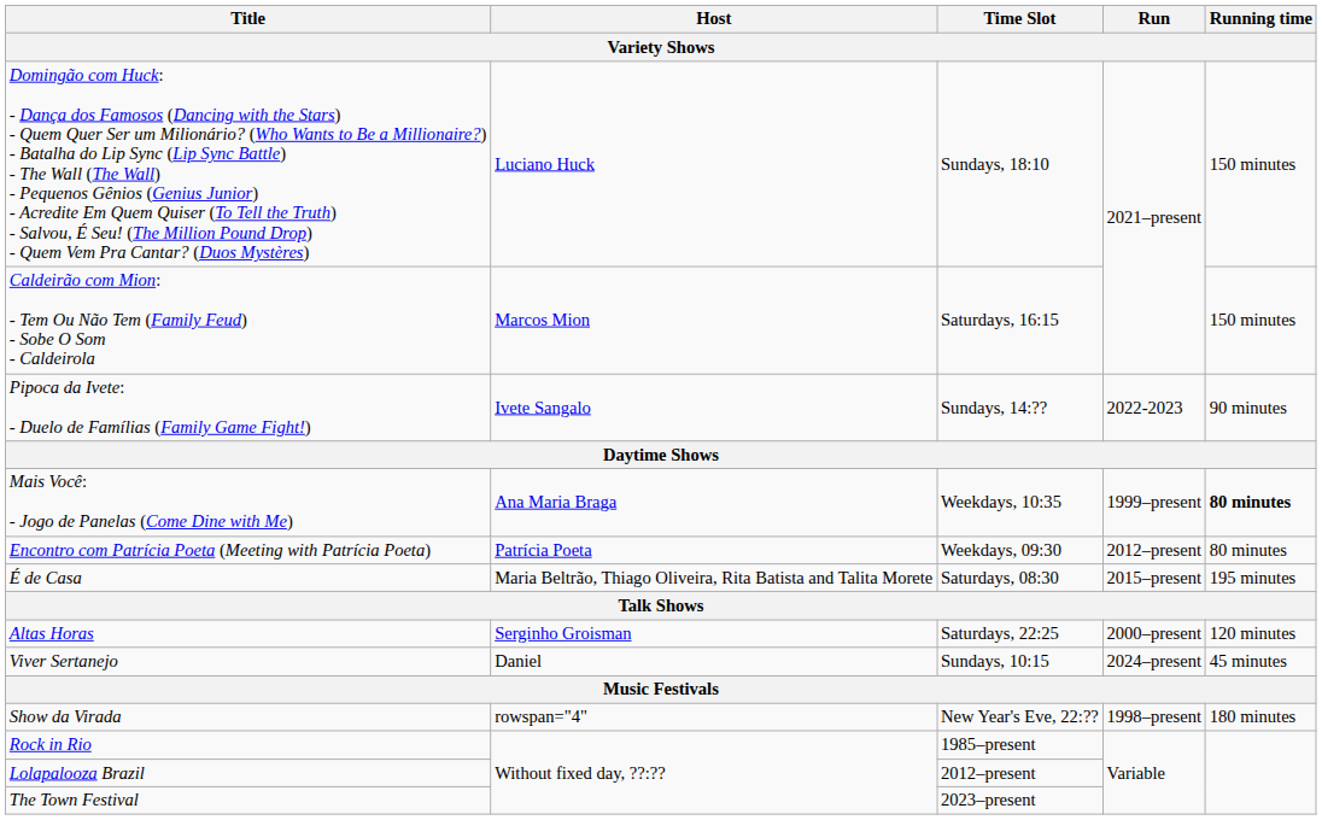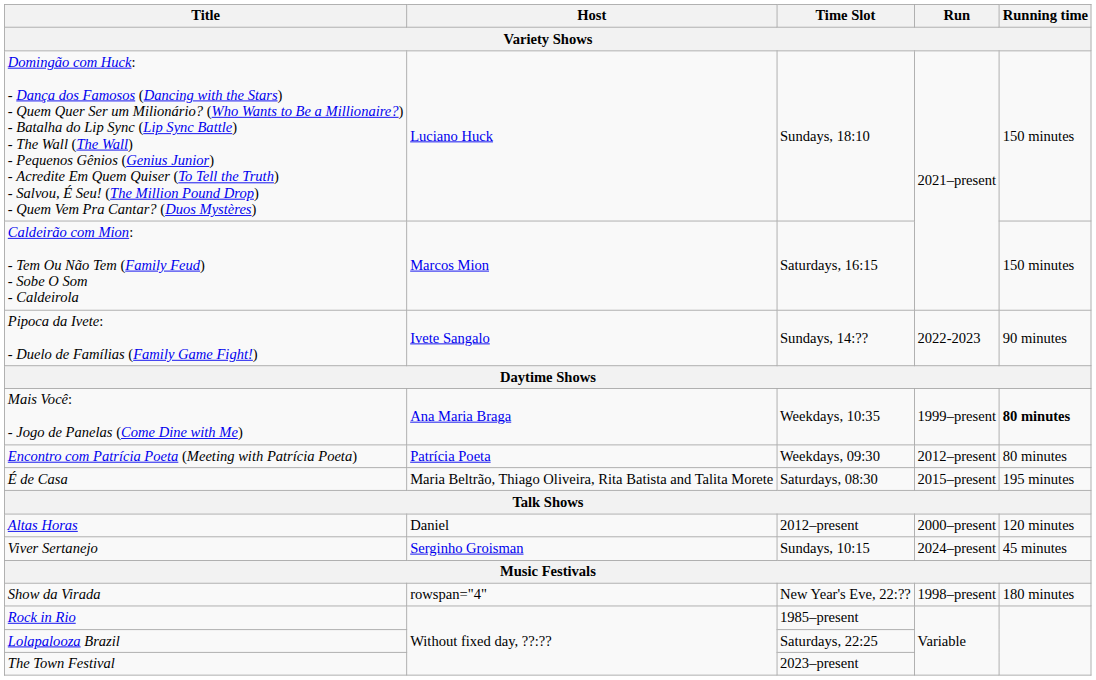 <table class="wikitable">
 <tr>
 <th>Title</th>
 <th>Host</th>
 <th>Time Slot</th>
 <th>Run</th>
 <th>Running time</th>
 </tr>
 <tr>
 <th colspan="5">Variety Shows</th>
 </tr>
 <tr>
 <td><em><a href='#'>Domingão com Huck</a></em>:<br><br>- <em><a href='#'>Dança dos Famosos</a></em> (<em><a href='#'>Dancing with the Stars</a></em>)<br> - <em>Quem Quer Ser um Milionário?</em> (<em><a href='#'>Who Wants to Be a Millionaire?</a></em>)<br> - <em>Batalha do Lip Sync</em> (<em><a href='#'>Lip Sync Battle</a></em>)<br> - <em>The Wall</em> (<em><a href='#'>The Wall</a></em>)<br> - <em>Pequenos Gênios</em> (<em><a href='#'>Genius Junior</a></em>)<br> - <em>Acredite Em Quem Quiser</em> (<em><a href='#'>To Tell the Truth</a></em>)<br> - <em>Salvou, É Seu!</em> (<em><a href='#'>The Million Pound Drop</a></em>)<br> - <em>Quem Vem Pra Cantar?</em> (<em><a href='#'>Duos Mystères</a></em>)</td>
 <td><a href='#'>Luciano Huck</a></td>
 <td>Sundays, 18:10</td>
 <td rowspan="2">2021–present</td>
 <td>150 minutes</td>
 </tr>
 <tr>
 <td><em><a href='#'>Caldeirão com Mion</a></em>:<br><br>- <em>Tem Ou Não Tem</em> (<em><a href='#'>Family Feud</a></em>)<br> - <em>Sobe O Som</em><br> - <em>Caldeirola</em></td>
 <td><a href='#'>Marcos Mion</a></td>
 <td>Saturdays, 16:15</td>
 <td>150 minutes</td>
 </tr>
 <tr>
 <td><em>Pipoca da Ivete</em>:<br><br>- <em>Duelo de Famílias</em> (<em><a href='#'>Family Game Fight!</a></em>)</td>
 <td><a href='#'>Ivete Sangalo</a></td>
 <td>Sundays, 14:??</td>
 <td>2022-2023</td>
 <td>90 minutes</td>
 </tr>
 <tr>
 <th colspan="5">Daytime Shows</th>
 </tr>
 <tr>
 <td><em>Mais Você</em>:<br><br>- <em>Jogo de Panelas</em> (<em><a href='#'>Come Dine with Me</a></em>)</td>
 <td><a href='#'>Ana Maria Braga</a></td>
 <td>Weekdays, 10:35</td>
 <td>1999–present</td>
 <td><strong>80 minutes</strong></td>
 </tr>
 <tr>
 <td><em><a href='#'>Encontro com Patrícia Poeta</a></em> (<em>Meeting with Patrícia Poeta</em>)</td>
 <td><a href='#'>Patrícia Poeta</a></td>
 <td>Weekdays, 09:30</td>
 <td>2012–present</td>
 <td>80 minutes</td>
 </tr>
 <tr>
 <td><em>É de Casa</em></td>
 <td>Maria Beltrão, Thiago Oliveira, Rita Batista and Talita Morete</td>
 <td>Saturdays, 08:30</td>
 <td>2015–present</td>
 <td>195 minutes</td>
 </tr>
 <tr>
 <th colspan="5">Talk Shows</th>
 </tr>
 <tr>
 <td><em><a href='#'>Altas Horas</a></em></td>
-<td><a href='#'>Serginho Groisman</a></td>
-<td>Saturdays, 22:25</td>
+<td>Daniel</td>
+<td>2012–present</td>
 <td>2000–present</td>
 <td>120 minutes</td>
 </tr>
 <tr>
 <td><em>Viver Sertanejo</em></td>
-<td>Daniel</td>
+<td><a href='#'>Serginho Groisman</a></td>
 <td>Sundays, 10:15</td>
 <td>2024–present</td>
 <td>45 minutes</td>
 </tr>
 <tr>
 <th colspan="5">Music Festivals</th>
 </tr>
 <tr>
 <td><em>Show da Virada</em></td>
 <td>rowspan="4" </td>
 <td>New Year's Eve, 22:??</td>
 <td>1998–present</td>
 <td>180 minutes</td>
 </tr>
 <tr>
 <td><em><a href='#'>Rock in Rio</a></em></td>
 <td rowspan="3">Without fixed day, ??:??</td>
 <td>1985–present</td>
 <td rowspan="3">Variable</td>
 </tr>
 <tr>
 <td><a href='#'><em>Lolapalooza</em></a> <em>Brazil</em></td>
-<td>2012–present</td>
+<td>Saturdays, 22:25</td>
 </tr>
 <tr>
 <td><em>The Town Festival</em></td>
 <td>2023–present</td>
 </tr>
 </table>
